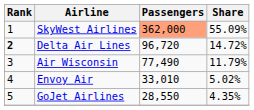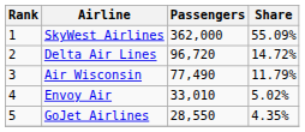 <table class="wikitable sortable" style="font-size: 95%">
 <tr>
 <th>Rank</th>
 <th>Airline</th>
 <th>Passengers</th>
 <th>Share</th>
 </tr>
 <tr>
 <td>1</td>
 <td><a href='#'>SkyWest Airlines</a></td>
-<td style="background: lightsalmon;">362,000</td>
+<td>362,000</td>
 <td>55.09%</td>
 </tr>
 <tr>
-<td><strong>2</strong></td>
+<td>2</td>
 <td><a href='#'>Delta Air Lines</a></td>
 <td>96,720</td>
 <td>14.72%</td>
 </tr>
 <tr>
 <td>3</td>
 <td><a href='#'>Air Wisconsin</a></td>
 <td>77,490</td>
 <td>11.79%</td>
 </tr>
 <tr>
 <td>4</td>
 <td><a href='#'>Envoy Air</a></td>
 <td>33,010</td>
 <td>5.02%</td>
 </tr>
 <tr>
 <td>5</td>
 <td><a href='#'>GoJet Airlines</a></td>
 <td>28,550</td>
 <td>4.35%</td>
 </tr>
 <tr>
 </tr>
 </table>
